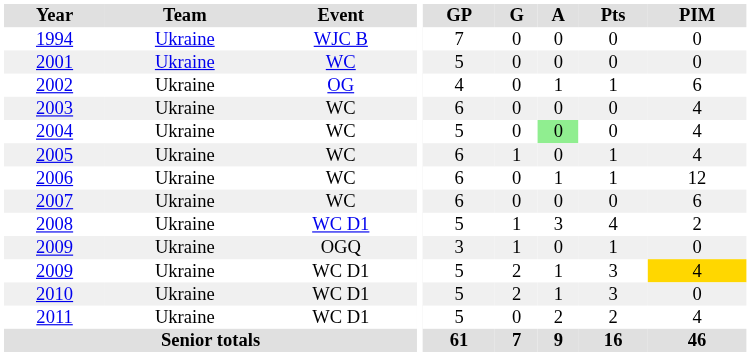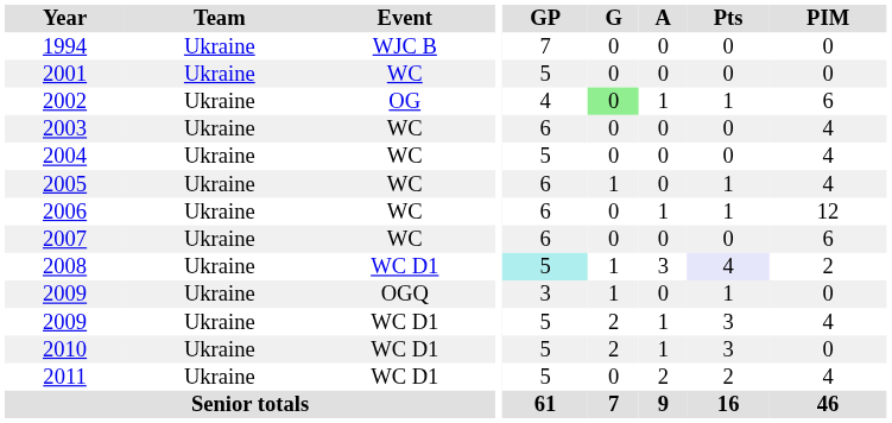 <table border="0" cellpadding="1" cellspacing="0" style="text-align:center; width:40em">
 <tr bgcolor="#e0e0e0">
 <th>Year</th>
 <th>Team</th>
 <th>Event</th>
 <th rowspan="99" bgcolor="#ffffff"></th>
 <th>GP</th>
 <th>G</th>
 <th>A</th>
 <th>Pts</th>
 <th>PIM</th>
 </tr>
 <tr>
 <td><a href='#'>1994</a></td>
 <td><a href='#'>Ukraine</a></td>
 <td><a href='#'>WJC B</a></td>
 <td>7</td>
 <td>0</td>
 <td>0</td>
 <td>0</td>
 <td>0</td>
 </tr>
 <tr bgcolor="#f0f0f0">
 <td><a href='#'>2001</a></td>
 <td><a href='#'>Ukraine</a></td>
 <td><a href='#'>WC</a></td>
 <td>5</td>
 <td>0</td>
 <td>0</td>
 <td>0</td>
 <td>0</td>
 </tr>
 <tr>
 <td><a href='#'>2002</a></td>
 <td>Ukraine</td>
 <td><a href='#'>OG</a></td>
 <td>4</td>
-<td>0</td>
+<td style="background: lightgreen;">0</td>
 <td>1</td>
 <td>1</td>
 <td>6</td>
 </tr>
 <tr bgcolor="#f0f0f0">
 <td><a href='#'>2003</a></td>
 <td>Ukraine</td>
 <td>WC</td>
 <td>6</td>
 <td>0</td>
 <td>0</td>
 <td>0</td>
 <td>4</td>
 </tr>
 <tr>
 <td><a href='#'>2004</a></td>
 <td>Ukraine</td>
 <td>WC</td>
 <td>5</td>
 <td>0</td>
-<td style="background: lightgreen;">0</td>
+<td>0</td>
 <td>0</td>
 <td>4</td>
 </tr>
 <tr bgcolor="#f0f0f0">
 <td><a href='#'>2005</a></td>
 <td>Ukraine</td>
 <td>WC</td>
 <td>6</td>
 <td>1</td>
 <td>0</td>
 <td>1</td>
 <td>4</td>
 </tr>
 <tr>
 <td><a href='#'>2006</a></td>
 <td>Ukraine</td>
 <td>WC</td>
 <td>6</td>
 <td>0</td>
 <td>1</td>
 <td>1</td>
 <td>12</td>
 </tr>
 <tr bgcolor="#f0f0f0">
 <td><a href='#'>2007</a></td>
 <td>Ukraine</td>
 <td>WC</td>
 <td>6</td>
 <td>0</td>
 <td>0</td>
 <td>0</td>
 <td>6</td>
 </tr>
 <tr>
 <td><a href='#'>2008</a></td>
 <td>Ukraine</td>
 <td><a href='#'>WC D1</a></td>
-<td>5</td>
+<td style="background: paleturquoise;">5</td>
 <td>1</td>
 <td>3</td>
-<td>4</td>
+<td style="background: lavender;">4</td>
 <td>2</td>
 </tr>
 <tr bgcolor="#f0f0f0">
 <td><a href='#'>2009</a></td>
 <td>Ukraine</td>
 <td>OGQ</td>
 <td>3</td>
 <td>1</td>
 <td>0</td>
 <td>1</td>
 <td>0</td>
 </tr>
 <tr>
 <td><a href='#'>2009</a></td>
 <td>Ukraine</td>
 <td>WC D1</td>
 <td>5</td>
 <td>2</td>
 <td>1</td>
 <td>3</td>
-<td style="background: gold;">4</td>
+<td>4</td>
 </tr>
 <tr bgcolor="#f0f0f0">
 <td><a href='#'>2010</a></td>
 <td>Ukraine</td>
 <td>WC D1</td>
 <td>5</td>
 <td>2</td>
 <td>1</td>
 <td>3</td>
 <td>0</td>
 </tr>
 <tr>
 <td><a href='#'>2011</a></td>
 <td>Ukraine</td>
 <td>WC D1</td>
 <td>5</td>
 <td>0</td>
 <td>2</td>
 <td>2</td>
 <td>4</td>
 </tr>
 <tr bgcolor="#e0e0e0">
 <th colspan="3">Senior totals</th>
 <th>61</th>
 <th>7</th>
 <th>9</th>
 <th>16</th>
 <th>46</th>
 </tr>
 </table>
